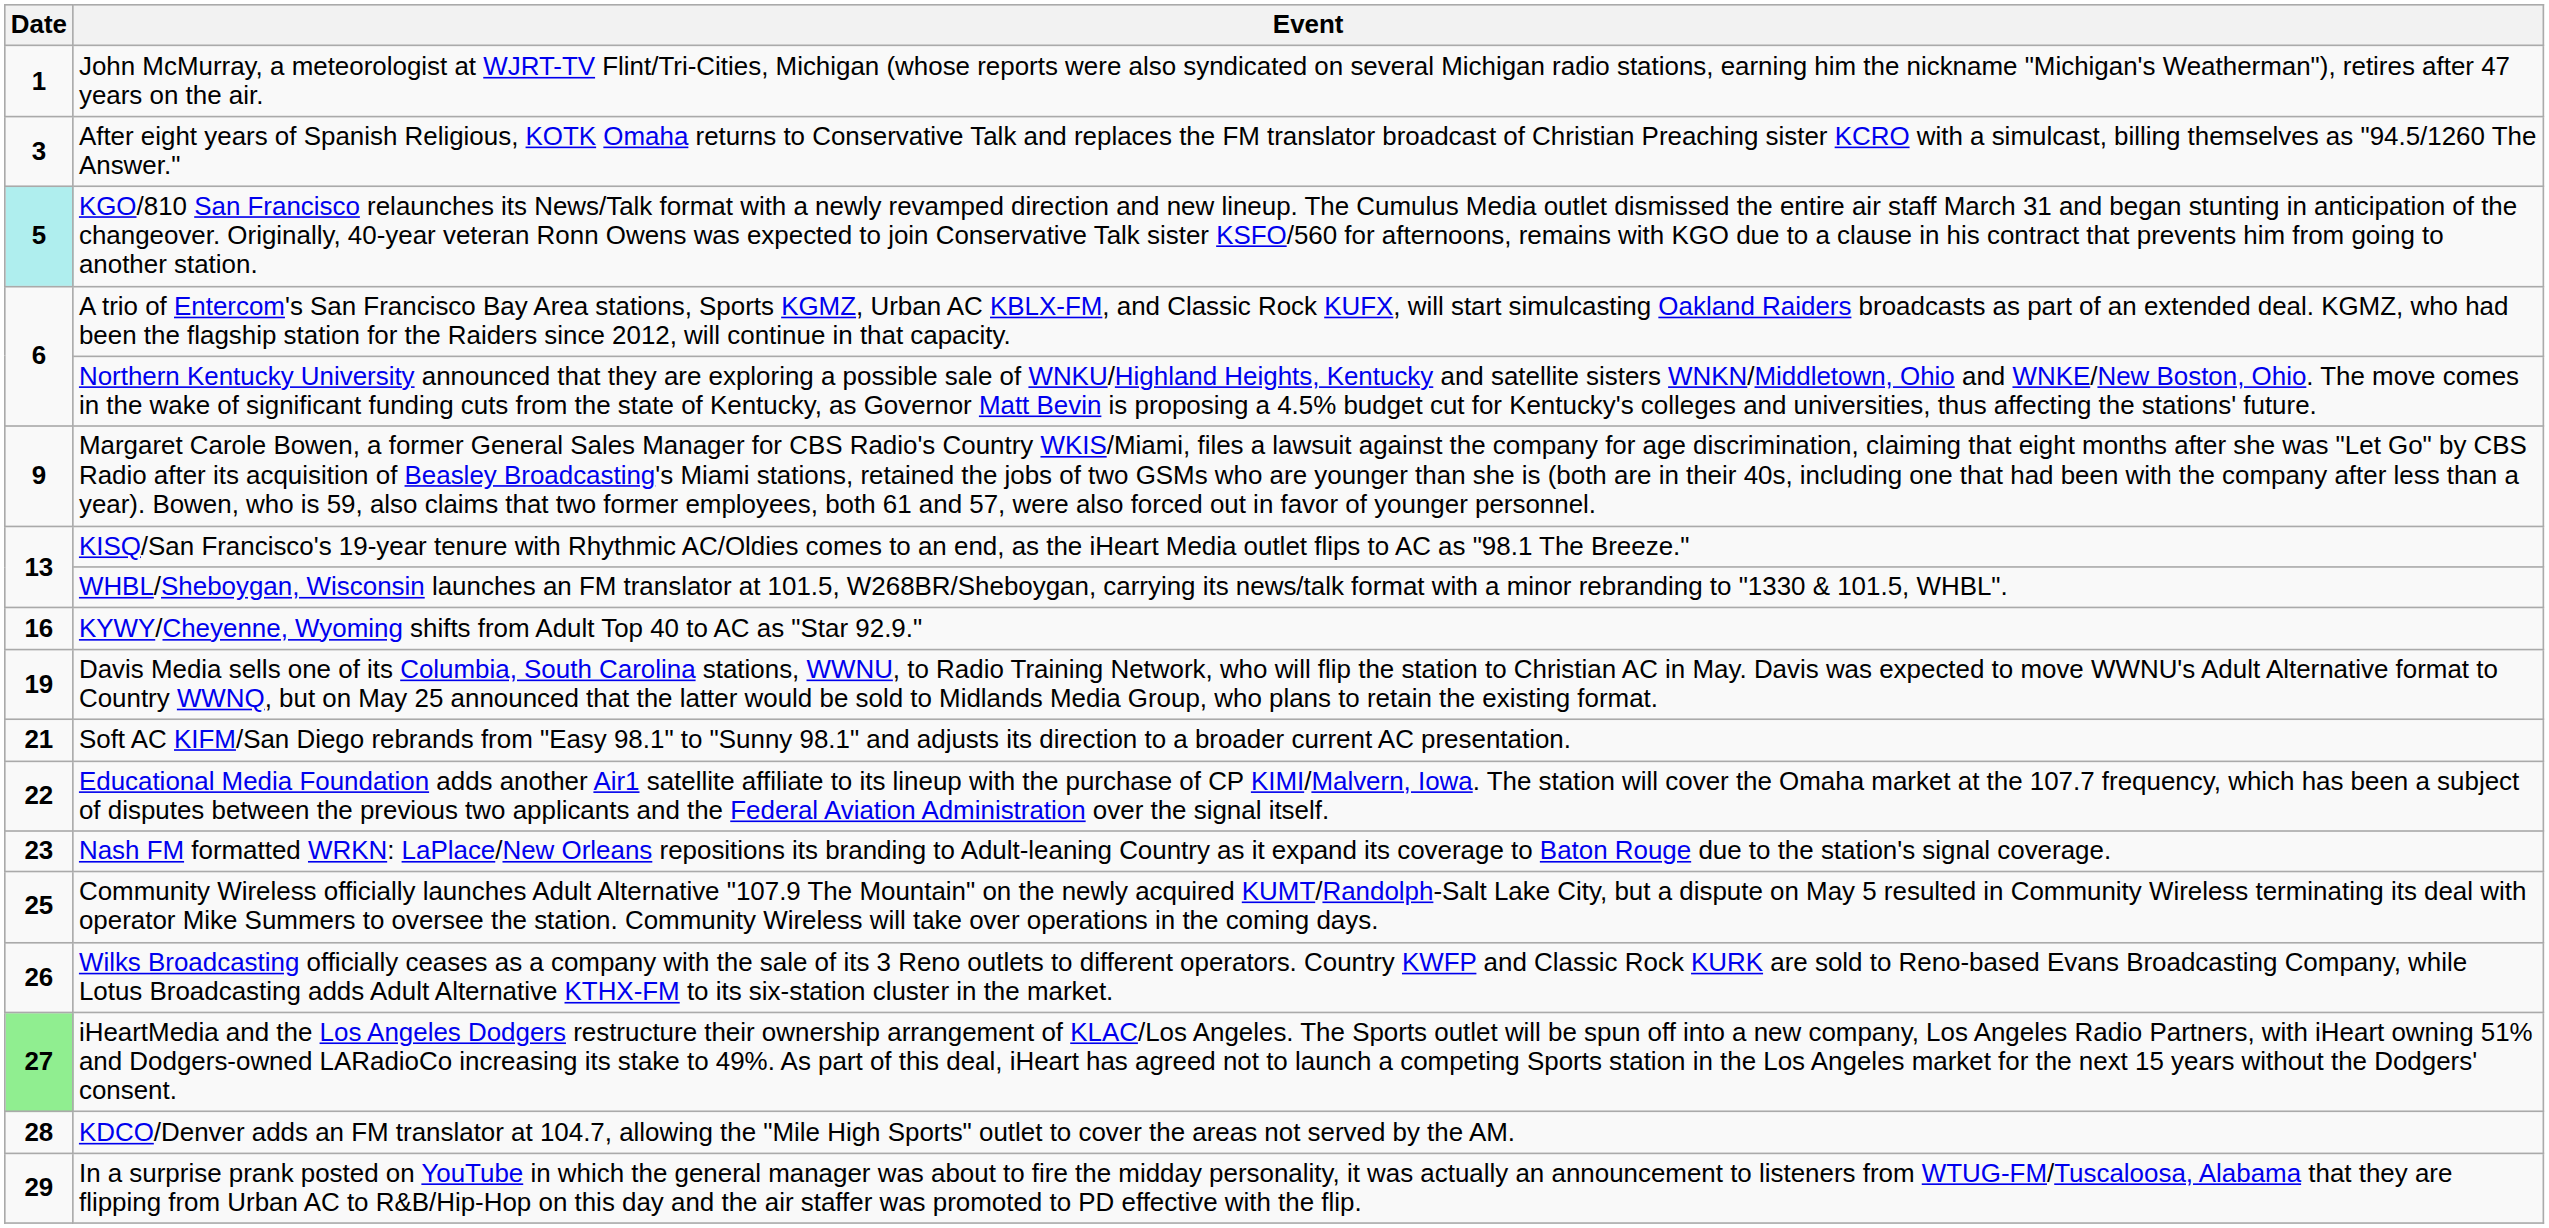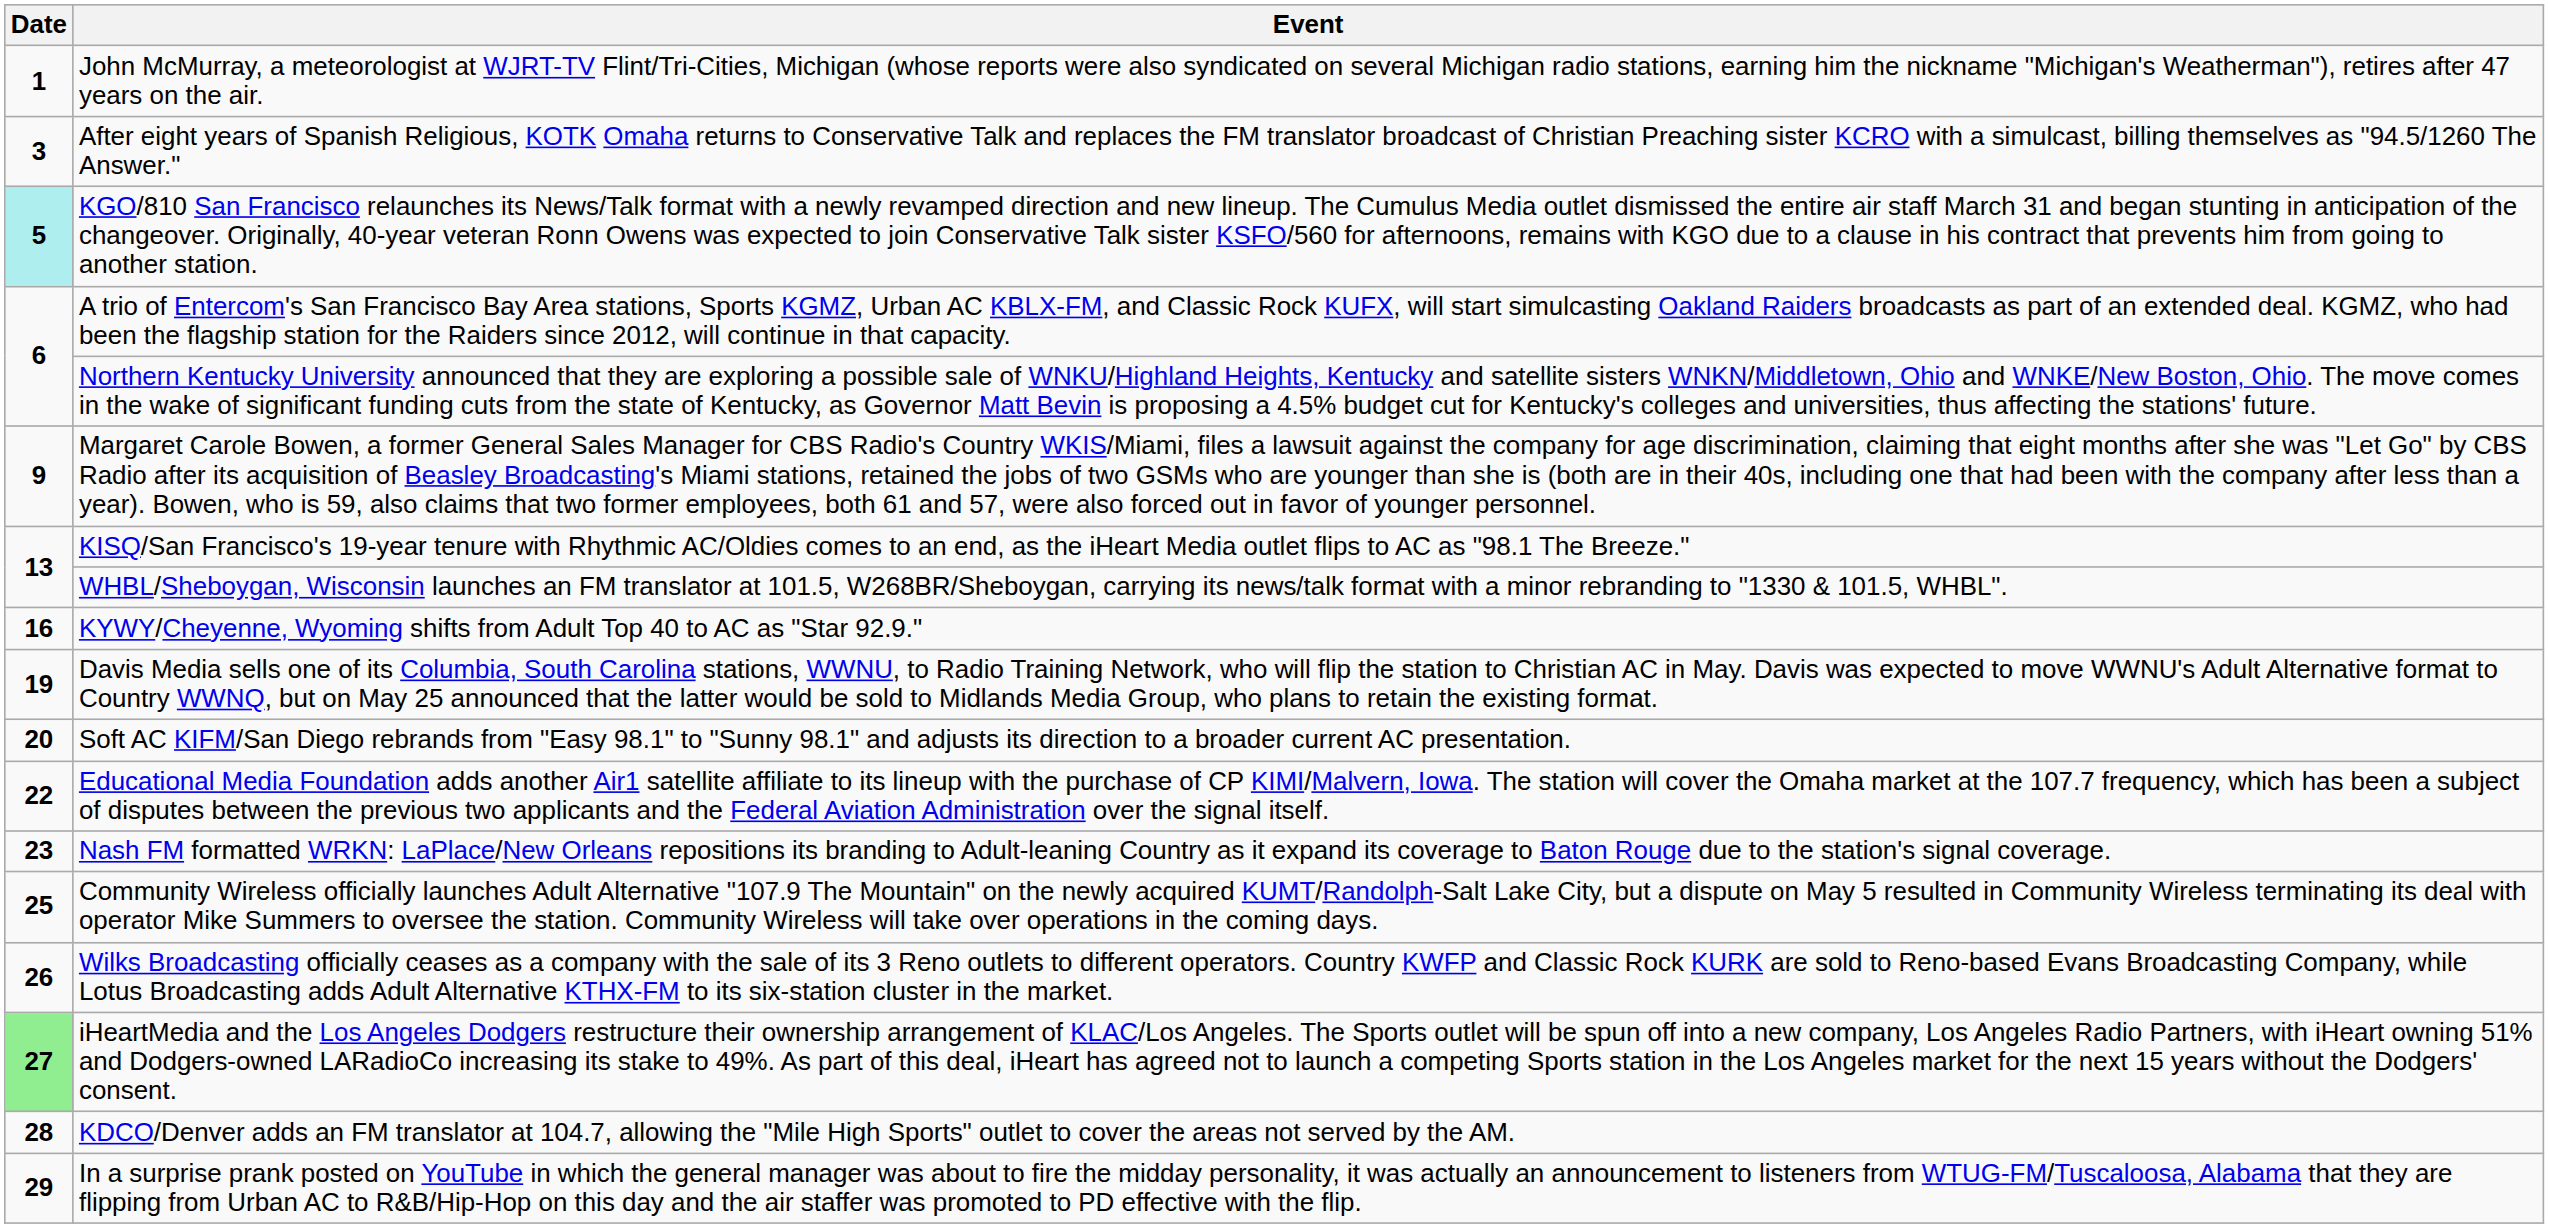 <table class=wikitable>
 <tr>
 <th>Date</th>
 <th>Event</th>
 </tr>
 <tr>
 <td style="text-align:center;"><strong>1</strong></td>
 <td>John McMurray, a meteorologist at <a href='#'>WJRT-TV</a> Flint/Tri-Cities, Michigan (whose reports were also syndicated on several Michigan radio stations, earning him the nickname "Michigan's Weatherman"), retires after 47 years on the air.</td>
 </tr>
 <tr>
 <td style="text-align:center;"><strong>3</strong></td>
 <td>After eight years of Spanish Religious, <a href='#'>KOTK</a> <a href='#'>Omaha</a> returns to Conservative Talk and replaces the FM translator broadcast of Christian Preaching sister <a href='#'>KCRO</a> with a simulcast, billing themselves as "94.5/1260 The Answer."</td>
 </tr>
 <tr>
 <td style="background: paleturquoise; text-align:center;"><strong>5</strong></td>
 <td><a href='#'>KGO</a>/810 <a href='#'>San Francisco</a> relaunches its News/Talk format with a newly revamped direction and new lineup. The Cumulus Media outlet dismissed the entire air staff March 31 and began stunting in anticipation of the changeover. Originally, 40-year veteran Ronn Owens was expected to join Conservative Talk sister <a href='#'>KSFO</a>/560 for afternoons, remains with KGO due to a clause in his contract that prevents him from going to another station.</td>
 </tr>
 <tr>
 <td style="text-align:center;" rowspan=2><strong>6</strong></td>
 <td>A trio of <a href='#'>Entercom</a>'s San Francisco Bay Area stations, Sports <a href='#'>KGMZ</a>, Urban AC <a href='#'>KBLX-FM</a>, and Classic Rock <a href='#'>KUFX</a>, will start simulcasting <a href='#'>Oakland Raiders</a> broadcasts as part of an extended deal. KGMZ, who had been the flagship station for the Raiders since 2012, will continue in that capacity.</td>
 </tr>
 <tr>
 <td><a href='#'>Northern Kentucky University</a> announced that they are exploring a possible sale of <a href='#'>WNKU</a>/<a href='#'>Highland Heights, Kentucky</a> and satellite sisters <a href='#'>WNKN</a>/<a href='#'>Middletown, Ohio</a> and <a href='#'>WNKE</a>/<a href='#'>New Boston, Ohio</a>. The move comes in the wake of significant funding cuts from the state of Kentucky, as Governor <a href='#'>Matt Bevin</a> is proposing a 4.5% budget cut for Kentucky's colleges and universities, thus affecting the stations' future.</td>
 </tr>
 <tr>
 <td style="text-align:center;"><strong>9</strong></td>
 <td>Margaret Carole Bowen, a former General Sales Manager for CBS Radio's Country <a href='#'>WKIS</a>/Miami, files a lawsuit against the company for age discrimination, claiming that eight months after she was "Let Go" by CBS Radio after its acquisition of <a href='#'>Beasley Broadcasting</a>'s Miami stations, retained the jobs of two GSMs who are younger than she is (both are in their 40s, including one that had been with the company after less than a year). Bowen, who is 59, also claims that two former employees, both 61 and 57, were also forced out in favor of younger personnel.</td>
 </tr>
 <tr>
 <td style="text-align:center;" rowspan=2><strong>13</strong></td>
 <td><a href='#'>KISQ</a>/San Francisco's 19-year tenure with Rhythmic AC/Oldies comes to an end, as the iHeart Media outlet flips to AC as "98.1 The Breeze."</td>
 </tr>
 <tr>
 <td><a href='#'>WHBL</a>/<a href='#'>Sheboygan, Wisconsin</a> launches an FM translator at 101.5, W268BR/Sheboygan, carrying its news/talk format with a minor rebranding to "1330 & 101.5, WHBL".</td>
 </tr>
 <tr>
 <td style="text-align:center;"><strong>16</strong></td>
 <td><a href='#'>KYWY</a>/<a href='#'>Cheyenne, Wyoming</a> shifts from Adult Top 40 to AC as "Star 92.9."</td>
 </tr>
 <tr>
 <td style="text-align:center;"><strong>19</strong></td>
 <td>Davis Media sells one of its <a href='#'>Columbia, South Carolina</a> stations, <a href='#'>WWNU</a>, to Radio Training Network, who will flip the station to Christian AC in May. Davis was expected to move WWNU's Adult Alternative format to Country <a href='#'>WWNQ</a>, but on May 25 announced that the latter would be sold to Midlands Media Group, who plans to retain the existing format.</td>
 </tr>
 <tr>
-<td style="text-align:center;"><strong>21</strong></td>
+<td style="text-align:center;"><strong>20</strong></td>
 <td>Soft AC <a href='#'>KIFM</a>/San Diego rebrands from "Easy 98.1" to "Sunny 98.1" and adjusts its direction to a broader current AC presentation.</td>
 </tr>
 <tr>
 <td style="text-align:center;"><strong>22</strong></td>
 <td><a href='#'>Educational Media Foundation</a> adds another <a href='#'>Air1</a> satellite affiliate to its lineup with the purchase of CP <a href='#'>KIMI</a>/<a href='#'>Malvern, Iowa</a>. The station will cover the Omaha market at the 107.7 frequency, which has been a subject of disputes between the previous two applicants and the <a href='#'>Federal Aviation Administration</a> over the signal itself.</td>
 </tr>
 <tr>
 <td style="text-align:center;"><strong>23</strong></td>
 <td><a href='#'>Nash FM</a> formatted <a href='#'>WRKN</a>: <a href='#'>LaPlace</a>/<a href='#'>New Orleans</a> repositions its branding to Adult-leaning Country as it expand its coverage to <a href='#'>Baton Rouge</a> due to the station's signal coverage.</td>
 </tr>
 <tr>
 <td style="text-align:center;"><strong>25</strong></td>
 <td>Community Wireless officially launches Adult Alternative "107.9 The Mountain" on the newly acquired <a href='#'>KUMT</a>/<a href='#'>Randolph</a>-Salt Lake City, but a dispute on May 5 resulted in Community Wireless terminating its deal with operator Mike Summers to oversee the station. Community Wireless will take over operations in the coming days.</td>
 </tr>
 <tr>
 <td style="text-align:center;"><strong>26</strong></td>
 <td><a href='#'>Wilks Broadcasting</a> officially ceases as a company with the sale of its 3 Reno outlets to different operators. Country <a href='#'>KWFP</a> and Classic Rock <a href='#'>KURK</a> are sold to Reno-based Evans Broadcasting Company, while Lotus Broadcasting adds Adult Alternative <a href='#'>KTHX-FM</a> to its six-station cluster in the market.</td>
 </tr>
 <tr>
 <td style="background: lightgreen; text-align:center;"><strong>27</strong></td>
 <td>iHeartMedia and the <a href='#'>Los Angeles Dodgers</a> restructure their ownership arrangement of <a href='#'>KLAC</a>/Los Angeles. The Sports outlet will be spun off into a new company, Los Angeles Radio Partners, with iHeart owning 51% and Dodgers-owned LARadioCo increasing its stake to 49%. As part of this deal, iHeart has agreed not to launch a competing Sports station in the Los Angeles market for the next 15 years without the Dodgers' consent.</td>
 </tr>
 <tr>
 <td style="text-align:center;"><strong>28</strong></td>
 <td><a href='#'>KDCO</a>/Denver adds an FM translator at 104.7, allowing the "Mile High Sports" outlet to cover the areas not served by the AM.</td>
 </tr>
 <tr>
 <td style="text-align:center;"><strong>29</strong></td>
 <td>In a surprise prank posted on <a href='#'>YouTube</a> in which the general manager was about to fire the midday personality, it was actually an announcement to listeners from <a href='#'>WTUG-FM</a>/<a href='#'>Tuscaloosa, Alabama</a> that they are flipping from Urban AC to R&B/Hip-Hop on this day and the air staffer was promoted to PD effective with the flip.</td>
 </tr>
 </table>
